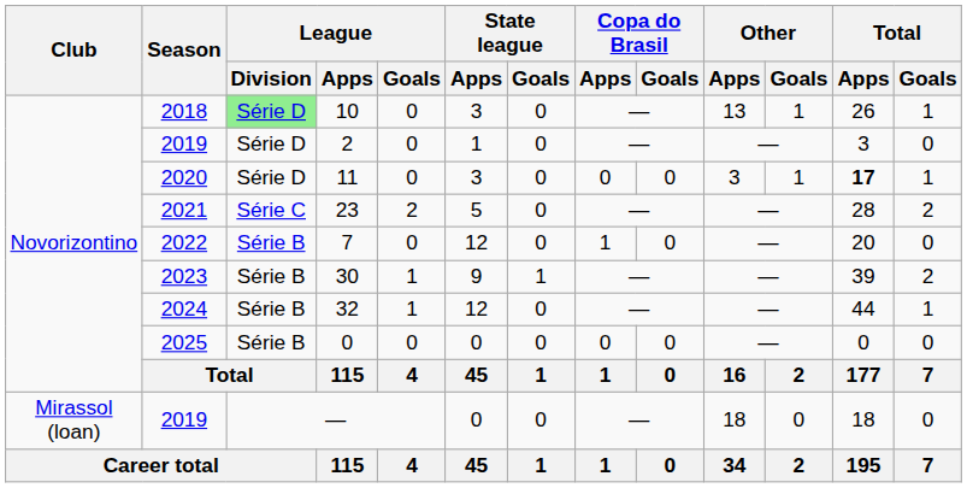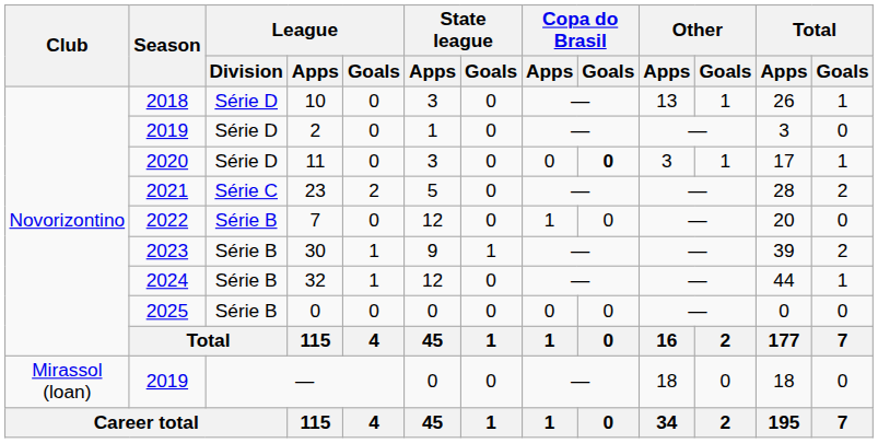 <table class="wikitable" style="text-align:center">
 <tr>
 <th rowspan="2">Club</th>
 <th rowspan="2">Season</th>
 <th colspan="3">League</th>
 <th colspan="2">State league</th>
 <th colspan="2"><a href='#'>Copa do Brasil</a></th>
 <th colspan="2">Other</th>
 <th colspan="2">Total</th>
 </tr>
 <tr>
 <th>Division</th>
 <th>Apps</th>
 <th>Goals</th>
 <th>Apps</th>
 <th>Goals</th>
 <th>Apps</th>
 <th>Goals</th>
 <th>Apps</th>
 <th>Goals</th>
 <th>Apps</th>
 <th>Goals</th>
 </tr>
 <tr>
 <td rowspan="9"><a href='#'>Novorizontino</a></td>
 <td><a href='#'>2018</a></td>
-<td style="background: lightgreen;"><a href='#'>Série D</a></td>
+<td><a href='#'>Série D</a></td>
 <td>10</td>
 <td>0</td>
 <td>3</td>
 <td>0</td>
 <td colspan="2">—</td>
 <td>13</td>
 <td>1</td>
 <td>26</td>
 <td>1</td>
 </tr>
 <tr>
 <td><a href='#'>2019</a></td>
 <td>Série D</td>
 <td>2</td>
 <td>0</td>
 <td>1</td>
 <td>0</td>
 <td colspan="2">—</td>
 <td colspan="2">—</td>
 <td>3</td>
 <td>0</td>
 </tr>
 <tr>
 <td><a href='#'>2020</a></td>
 <td>Série D</td>
 <td>11</td>
 <td>0</td>
 <td>3</td>
 <td>0</td>
 <td>0</td>
-<td>0</td>
+<td><strong>0</strong></td>
 <td>3</td>
 <td>1</td>
-<td><strong>17</strong></td>
+<td>17</td>
 <td>1</td>
 </tr>
 <tr>
 <td><a href='#'>2021</a></td>
 <td><a href='#'>Série C</a></td>
 <td>23</td>
 <td>2</td>
 <td>5</td>
 <td>0</td>
 <td colspan="2">—</td>
 <td colspan="2">—</td>
 <td>28</td>
 <td>2</td>
 </tr>
 <tr>
 <td><a href='#'>2022</a></td>
 <td><a href='#'>Série B</a></td>
 <td>7</td>
 <td>0</td>
 <td>12</td>
 <td>0</td>
 <td>1</td>
 <td>0</td>
 <td colspan="2">—</td>
 <td>20</td>
 <td>0</td>
 </tr>
 <tr>
 <td><a href='#'>2023</a></td>
 <td>Série B</td>
 <td>30</td>
 <td>1</td>
 <td>9</td>
 <td>1</td>
 <td colspan="2">—</td>
 <td colspan="2">—</td>
 <td>39</td>
 <td>2</td>
 </tr>
 <tr>
 <td><a href='#'>2024</a></td>
 <td>Série B</td>
 <td>32</td>
 <td>1</td>
 <td>12</td>
 <td>0</td>
 <td colspan="2">—</td>
 <td colspan="2">—</td>
 <td>44</td>
 <td>1</td>
 </tr>
 <tr>
 <td><a href='#'>2025</a></td>
 <td>Série B</td>
 <td>0</td>
 <td>0</td>
 <td>0</td>
 <td>0</td>
 <td>0</td>
 <td>0</td>
 <td colspan="2">—</td>
 <td>0</td>
 <td>0</td>
 </tr>
 <tr>
 <th colspan="2">Total</th>
 <th>115</th>
 <th>4</th>
 <th>45</th>
 <th>1</th>
 <th>1</th>
 <th>0</th>
 <th>16</th>
 <th>2</th>
 <th>177</th>
 <th>7</th>
 </tr>
 <tr>
 <td><a href='#'>Mirassol</a> (loan)</td>
 <td><a href='#'>2019</a></td>
 <td colspan="3">—</td>
 <td>0</td>
 <td>0</td>
 <td colspan="2">—</td>
 <td>18</td>
 <td>0</td>
 <td>18</td>
 <td>0</td>
 </tr>
 <tr>
 <th colspan="3">Career total</th>
 <th>115</th>
 <th>4</th>
 <th>45</th>
 <th>1</th>
 <th>1</th>
 <th>0</th>
 <th>34</th>
 <th>2</th>
 <th>195</th>
 <th>7</th>
 </tr>
 </table>
